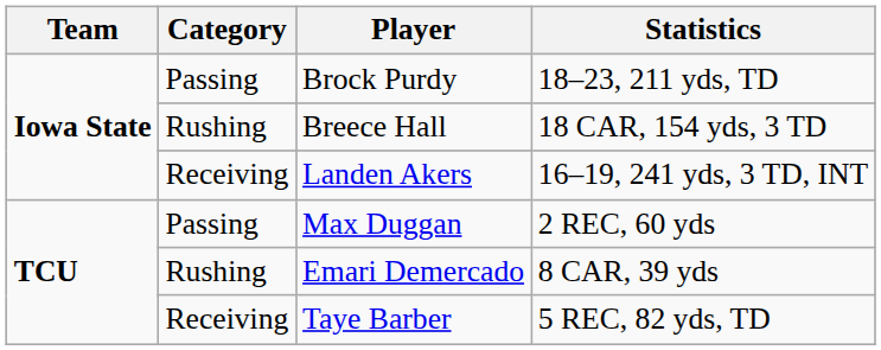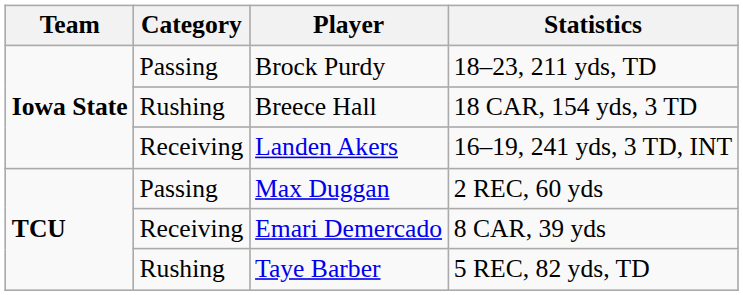 <table class="wikitable" style="float: right;">
 <tr>
 <th>Team</th>
 <th>Category</th>
 <th>Player</th>
 <th>Statistics</th>
 </tr>
 <tr>
 <td rowspan=3><strong>Iowa State</strong></td>
 <td>Passing</td>
 <td>Brock Purdy</td>
 <td>18–23, 211 yds,  TD</td>
 </tr>
 <tr>
 <td>Rushing</td>
 <td>Breece Hall</td>
 <td>18 CAR, 154 yds, 3 TD</td>
 </tr>
 <tr>
 <td>Receiving</td>
 <td><a href='#'>Landen Akers</a></td>
 <td>16–19, 241 yds, 3 TD, INT</td>
 </tr>
 <tr>
 <td rowspan=3><strong>TCU</strong></td>
 <td>Passing</td>
 <td><a href='#'>Max Duggan</a></td>
 <td>2 REC, 60 yds</td>
 </tr>
 <tr>
-<td>Rushing</td>
+<td>Receiving</td>
 <td><a href='#'>Emari Demercado</a></td>
 <td>8 CAR, 39 yds</td>
 </tr>
 <tr>
-<td>Receiving</td>
+<td>Rushing</td>
 <td><a href='#'>Taye Barber</a></td>
 <td>5 REC, 82 yds, TD</td>
 </tr>
 </table>
